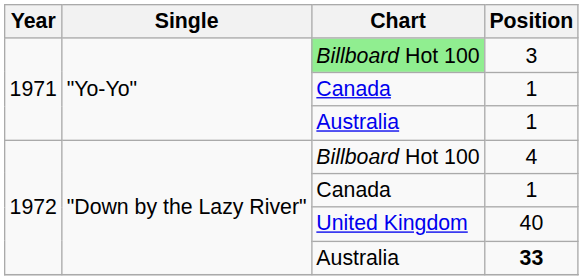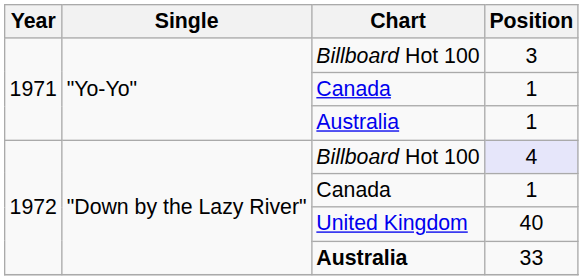 <table class="wikitable">
 <tr>
 <th>Year</th>
 <th>Single</th>
 <th>Chart</th>
 <th>Position</th>
 </tr>
 <tr>
 <td rowspan="3">1971</td>
 <td rowspan="3">"Yo-Yo"</td>
-<td style="background: lightgreen;"><em>Billboard</em> Hot 100</td>
+<td><em>Billboard</em> Hot 100</td>
 <td align="center">3</td>
 </tr>
 <tr>
 <td><a href='#'>Canada</a></td>
 <td align="center">1</td>
 </tr>
 <tr>
 <td><a href='#'>Australia</a></td>
 <td align="center">1</td>
 </tr>
 <tr>
 <td rowspan="4">1972</td>
 <td rowspan="4">"Down by the Lazy River"</td>
 <td><em>Billboard</em> Hot 100</td>
-<td align="center">4</td>
+<td align="center" style="background: lavender;">4</td>
 </tr>
 <tr>
 <td>Canada</td>
 <td align="center">1</td>
 </tr>
 <tr>
 <td><a href='#'>United Kingdom</a></td>
 <td align="center">40</td>
 </tr>
 <tr>
-<td>Australia</td>
-<td align="center"><strong>33</strong></td>
+<td><strong>Australia</strong></td>
+<td align="center">33</td>
 </tr>
 <tr>
 </tr>
 </table>
